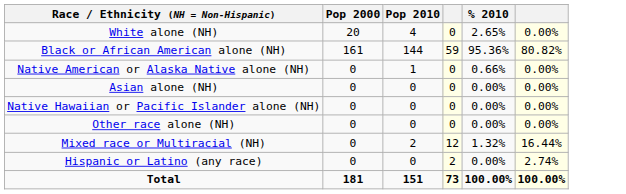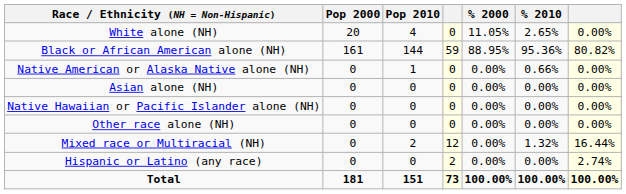 <table class="wikitable" style="text-align:center;">
 <tr>
 <th>Race / Ethnicity <small>(<em>NH = Non-Hispanic</em>)</small></th>
 <th>Pop 2000</th>
 <th>Pop 2010</th>
 <th></th>
+<th>% 2000</th>
 <th>% 2010</th>
 <th></th>
 </tr>
 <tr>
 <td><a href='#'>White</a> alone (NH)</td>
 <td>20</td>
 <td>4</td>
 <td style='background: #ffffe6;'>0</td>
+<td>11.05%</td>
 <td>2.65%</td>
 <td style='background: #ffffe6;'>0.00%</td>
 </tr>
 <tr>
 <td><a href='#'>Black or African American</a> alone (NH)</td>
 <td>161</td>
 <td>144</td>
 <td style='background: #ffffe6;'>59</td>
+<td>88.95%</td>
 <td>95.36%</td>
 <td style='background: #ffffe6;'>80.82%</td>
 </tr>
 <tr>
 <td><a href='#'>Native American</a> or <a href='#'>Alaska Native</a> alone (NH)</td>
 <td>0</td>
 <td>1</td>
 <td style='background: #ffffe6;'>0</td>
+<td>0.00%</td>
 <td>0.66%</td>
 <td style='background: #ffffe6;'>0.00%</td>
 </tr>
 <tr>
 <td><a href='#'>Asian</a> alone (NH)</td>
 <td>0</td>
 <td>0</td>
 <td style='background: #ffffe6;'>0</td>
 <td>0.00%</td>
+<td>0.00%</td>
 <td style='background: #ffffe6;'>0.00%</td>
 </tr>
 <tr>
 <td><a href='#'>Native Hawaiian</a> or <a href='#'>Pacific Islander</a> alone (NH)</td>
 <td>0</td>
 <td>0</td>
 <td style='background: #ffffe6;'>0</td>
+<td>0.00%</td>
 <td>0.00%</td>
 <td style='background: #ffffe6;'>0.00%</td>
 </tr>
 <tr>
 <td><a href='#'>Other race</a> alone (NH)</td>
 <td>0</td>
 <td>0</td>
 <td style='background: #ffffe6;'>0</td>
 <td>0.00%</td>
+<td>0.00%</td>
 <td style='background: #ffffe6;'>0.00%</td>
 </tr>
 <tr>
 <td><a href='#'>Mixed race or Multiracial</a> (NH)</td>
 <td>0</td>
 <td>2</td>
 <td style='background: #ffffe6;'>12</td>
+<td>0.00%</td>
 <td>1.32%</td>
 <td style='background: #ffffe6;'>16.44%</td>
 </tr>
 <tr>
 <td><a href='#'>Hispanic or Latino</a> (any race)</td>
 <td>0</td>
 <td>0</td>
 <td style='background: #ffffe6;'>2</td>
 <td>0.00%</td>
+<td>0.00%</td>
 <td style='background: #ffffe6;'>2.74%</td>
 </tr>
 <tr>
 <td><strong>Total</strong></td>
 <td><strong>181</strong></td>
 <td><strong>151</strong></td>
 <td style='background: #ffffe6;'><strong>73</strong></td>
 <td><strong>100.00%</strong></td>
+<td><strong>100.00%</strong></td>
 <td style='background: #ffffe6;'><strong>100.00%</strong></td>
 </tr>
 </table>
